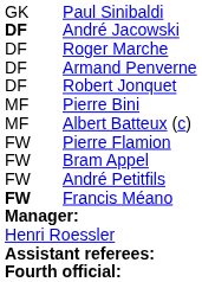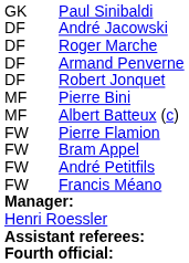 <table style=font-size:90% cellspacing=0 cellpadding=0>
 <tr>
 <td colspan=4></td>
 </tr>
 <tr>
 <th width=25></th>
 <th width=25></th>
 </tr>
 <tr>
 <td>GK</td>
 <td><strong> </strong></td>
 <td> <a href='#'>Paul Sinibaldi</a></td>
 </tr>
 <tr>
-<td><strong>DF</strong></td>
+<td>DF</td>
 <td><strong> </strong></td>
 <td> <a href='#'>André Jacowski</a></td>
 </tr>
 <tr>
 <td>DF</td>
 <td><strong> </strong></td>
 <td> <a href='#'>Roger Marche</a></td>
 </tr>
 <tr>
 <td>DF</td>
 <td><strong> </strong></td>
 <td> <a href='#'>Armand Penverne</a></td>
 </tr>
 <tr>
 <td>DF</td>
 <td><strong> </strong></td>
 <td> <a href='#'>Robert Jonquet</a></td>
 </tr>
 <tr>
 <td>MF</td>
 <td><strong> </strong></td>
 <td> <a href='#'>Pierre Bini</a></td>
 </tr>
 <tr>
 <td>MF</td>
 <td><strong> </strong></td>
 <td> <a href='#'>Albert Batteux</a> (<a href='#'>c</a>)</td>
 </tr>
 <tr>
 <td>FW</td>
 <td><strong> </strong></td>
 <td> <a href='#'>Pierre Flamion</a></td>
 </tr>
 <tr>
 <td>FW</td>
 <td><strong> </strong></td>
 <td> <a href='#'>Bram Appel</a></td>
 </tr>
 <tr>
 <td>FW</td>
 <td><strong> </strong></td>
 <td> <a href='#'>André Petitfils</a></td>
 </tr>
 <tr>
-<td><strong>FW</strong></td>
+<td>FW</td>
 <td><strong> </strong></td>
 <td> <a href='#'>Francis Méano</a></td>
 </tr>
 <tr>
 <td colspan=3><strong>Manager:</strong></td>
 </tr>
 <tr>
 <td colspan=4> <a href='#'>Henri Roessler</a><br><strong>Assistant referees:</strong><br> <strong>Fourth official:</strong><br></td>
 </tr>
 </table>
